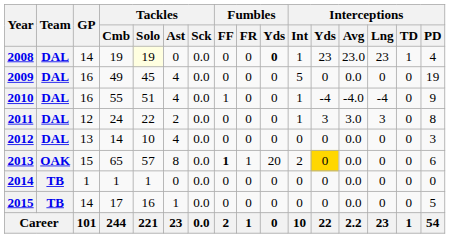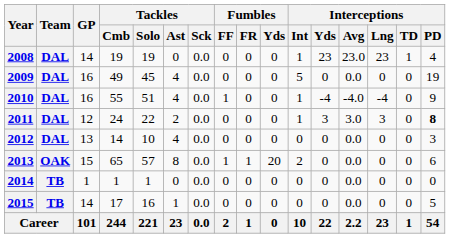 <table class="wikitable" style="text-align:center;">
 <tr>
 <th rowspan="2">Year</th>
 <th rowspan="2">Team</th>
 <th rowspan="2">GP</th>
 <th colspan="4">Tackles</th>
 <th colspan="3">Fumbles</th>
 <th colspan="6">Interceptions</th>
 </tr>
 <tr>
 <th>Cmb</th>
 <th>Solo</th>
 <th>Ast</th>
 <th>Sck</th>
 <th>FF</th>
 <th>FR</th>
 <th>Yds</th>
 <th>Int</th>
 <th>Yds</th>
 <th>Avg</th>
 <th>Lng</th>
 <th>TD</th>
 <th>PD</th>
 </tr>
 <tr>
 <th><a href='#'>2008</a></th>
 <th><a href='#'>DAL</a></th>
 <td>14</td>
 <td>19</td>
-<td style="background: lightyellow;">19</td>
+<td>19</td>
 <td>0</td>
 <td>0.0</td>
 <td>0</td>
 <td>0</td>
-<td><strong>0</strong></td>
+<td>0</td>
 <td>1</td>
 <td>23</td>
 <td>23.0</td>
 <td>23</td>
 <td>1</td>
 <td>4</td>
 </tr>
 <tr>
 <th><a href='#'>2009</a></th>
 <th><a href='#'>DAL</a></th>
 <td>16</td>
 <td>49</td>
 <td>45</td>
 <td>4</td>
 <td>0.0</td>
 <td>0</td>
 <td>0</td>
 <td>0</td>
 <td>5</td>
 <td>0</td>
 <td>0.0</td>
 <td>0</td>
 <td>0</td>
 <td>19</td>
 </tr>
 <tr>
 <th><a href='#'>2010</a></th>
 <th><a href='#'>DAL</a></th>
 <td>16</td>
 <td>55</td>
 <td>51</td>
 <td>4</td>
 <td>0.0</td>
 <td>1</td>
 <td>0</td>
 <td>0</td>
 <td>1</td>
 <td>-4</td>
 <td>-4.0</td>
 <td>-4</td>
 <td>0</td>
 <td>9</td>
 </tr>
 <tr>
 <th><a href='#'>2011</a></th>
 <th><a href='#'>DAL</a></th>
 <td>12</td>
 <td>24</td>
 <td>22</td>
 <td>2</td>
 <td>0.0</td>
 <td>0</td>
 <td>0</td>
 <td>0</td>
 <td>1</td>
 <td>3</td>
 <td>3.0</td>
 <td>3</td>
 <td>0</td>
-<td>8</td>
+<td><strong>8</strong></td>
 </tr>
 <tr>
 <th><a href='#'>2012</a></th>
 <th><a href='#'>DAL</a></th>
 <td>13</td>
 <td>14</td>
 <td>10</td>
 <td>4</td>
 <td>0.0</td>
 <td>0</td>
 <td>0</td>
 <td>0</td>
 <td>0</td>
 <td>0</td>
 <td>0.0</td>
 <td>0</td>
 <td>0</td>
 <td>3</td>
 </tr>
 <tr>
 <th><a href='#'>2013</a></th>
 <th><a href='#'>OAK</a></th>
 <td>15</td>
 <td>65</td>
 <td>57</td>
 <td>8</td>
 <td>0.0</td>
-<td><strong>1</strong></td>
+<td>1</td>
 <td>1</td>
 <td>20</td>
 <td>2</td>
-<td style="background: gold;">0</td>
+<td>0</td>
 <td>0.0</td>
 <td>0</td>
 <td>0</td>
 <td>6</td>
 </tr>
 <tr>
 <th><a href='#'>2014</a></th>
 <th><a href='#'>TB</a></th>
 <td>1</td>
 <td>1</td>
 <td>1</td>
 <td>0</td>
 <td>0.0</td>
 <td>0</td>
 <td>0</td>
 <td>0</td>
 <td>0</td>
 <td>0</td>
 <td>0.0</td>
 <td>0</td>
 <td>0</td>
 <td>0</td>
 </tr>
 <tr>
 <th><a href='#'>2015</a></th>
 <th><a href='#'>TB</a></th>
 <td>14</td>
 <td>17</td>
 <td>16</td>
 <td>1</td>
 <td>0.0</td>
 <td>0</td>
 <td>0</td>
 <td>0</td>
 <td>0</td>
 <td>0</td>
 <td>0.0</td>
 <td>0</td>
 <td>0</td>
 <td>5</td>
 </tr>
 <tr>
 <th colspan="2">Career</th>
 <th>101</th>
 <th>244</th>
 <th>221</th>
 <th>23</th>
 <th>0.0</th>
 <th>2</th>
 <th>1</th>
 <th>0</th>
 <th>10</th>
 <th>22</th>
 <th>2.2</th>
 <th>23</th>
 <th>1</th>
 <th>54</th>
 </tr>
 </table>
